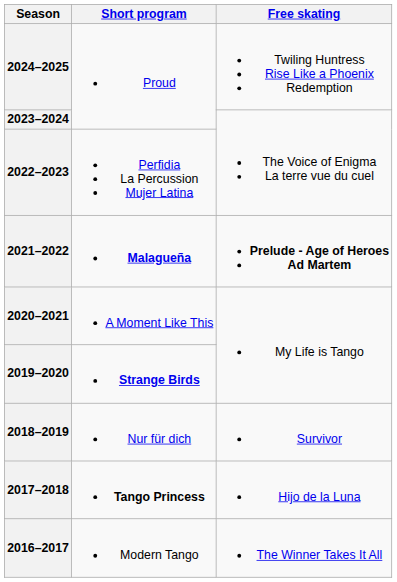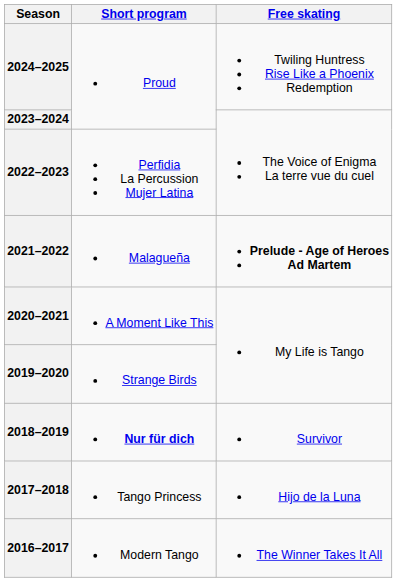 <table class=wikitable style=text-align:center>
 <tr>
 <th>Season</th>
 <th><a href='#'>Short program</a></th>
 <th><a href='#'>Free skating</a></th>
 </tr>
 <tr>
 <th>2024–2025</th>
 <td rowspan=2><br><ul><li><a href='#'>Proud</a> <br></li></ul></td>
 <td><br><ul><li>Twiling Huntress <br> </li><li><a href='#'>Rise Like a Phoenix</a> <br> </li><li>Redemption <br> </li></ul></td>
 </tr>
 <tr>
 <th>2023–2024</th>
 <td rowspan=2><br><ul><li>The Voice of Enigma <br> </li><li>La terre vue du cuel <br> </li></ul></td>
 </tr>
 <tr>
 <th>2022–2023</th>
 <td><br><ul><li><a href='#'>Perfidia</a> <br> </li><li>La Percussion <br> </li><li><a href='#'>Mujer Latina</a> <br> </li></ul></td>
 </tr>
 <tr>
 <th>2021–2022 <br> </th>
-<td><strong><br><ul><li><a href='#'>Malagueña</a> <br> </li></ul></strong></td>
+<td><br><ul><li><a href='#'>Malagueña</a> <br> </li></ul></td>
 <td><strong><br><ul><li>Prelude - Age of Heroes</li><li>Ad Martem <br> </li></ul></strong></td>
 </tr>
 <tr>
 <th>2020–2021 <br> </th>
 <td><br><ul><li><a href='#'>A Moment Like This</a> <br> </li></ul></td>
 <td rowspan=2><br><ul><li>My Life is Tango <br> </li></ul></td>
 </tr>
 <tr>
 <th>2019–2020 <br> </th>
-<td><strong><br><ul><li><a href='#'>Strange Birds</a> <br> </li></ul></strong></td>
+<td><br><ul><li><a href='#'>Strange Birds</a> <br> </li></ul></td>
 </tr>
 <tr>
 <th>2018–2019 <br> </th>
-<td><br><ul><li><a href='#'>Nur für dich</a> <br> </li></ul></td>
+<td><strong><br><ul><li><a href='#'>Nur für dich</a> <br> </li></ul></strong></td>
 <td><br><ul><li><a href='#'>Survivor</a> <br> </li></ul></td>
 </tr>
 <tr>
 <th>2017–2018 <br> </th>
-<td><strong><br><ul><li>Tango Princess <br> </li></ul></strong></td>
+<td><br><ul><li>Tango Princess <br> </li></ul></td>
 <td><br><ul><li><a href='#'>Hijo de la Luna</a> <br> </li></ul></td>
 </tr>
 <tr>
 <th>2016–2017 <br> </th>
 <td><br><ul><li>Modern Tango</li></ul></td>
 <td><br><ul><li><a href='#'>The Winner Takes It All</a> <br> </li></ul></td>
 </tr>
 </table>
